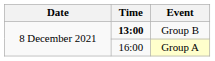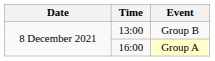 <table class = "wikitable" style="text-align:center;">
 <tr>
 <th width=150>Date</th>
 <th width=50>Time</th>
 <th width=80>Event</th>
 </tr>
 <tr>
 <td rowspan=2>8 December 2021</td>
-<td><strong>13:00</strong></td>
+<td>13:00</td>
 <td>Group B</td>
 </tr>
 <tr>
 <td>16:00</td>
 <td bgcolor=ffffcc>Group A</td>
 </tr>
 </table>
